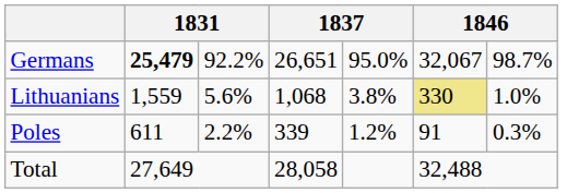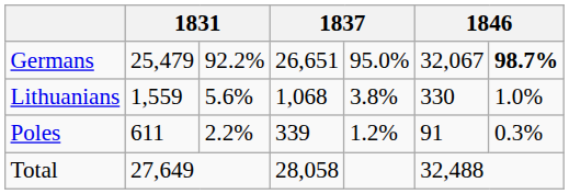 <table class="wikitable">
 <tr>
 <th></th>
 <th colspan="2">1831</th>
 <th colspan="2">1837</th>
 <th colspan="2">1846</th>
 </tr>
 <tr>
 <td><a href='#'>Germans</a></td>
-<td><strong>25,479</strong></td>
+<td>25,479</td>
 <td>92.2%</td>
 <td>26,651</td>
 <td>95.0%</td>
 <td>32,067</td>
-<td>98.7%</td>
+<td><strong>98.7%</strong></td>
 </tr>
 <tr>
 <td><a href='#'>Lithuanians</a></td>
 <td>1,559</td>
 <td>5.6%</td>
 <td>1,068</td>
 <td>3.8%</td>
-<td style="background: khaki;">330</td>
+<td>330</td>
 <td>1.0%</td>
 </tr>
 <tr>
 <td><a href='#'>Poles</a></td>
 <td>611</td>
 <td>2.2%</td>
 <td>339</td>
 <td>1.2%</td>
 <td>91</td>
 <td>0.3%</td>
 </tr>
 <tr>
 <td>Total</td>
 <td colspan="2">27,649</td>
 <td>28,058</td>
 <td></td>
 <td colspan="2">32,488</td>
 </tr>
 </table>
